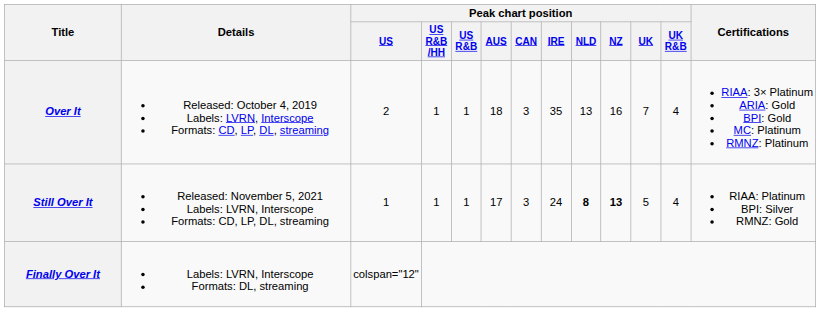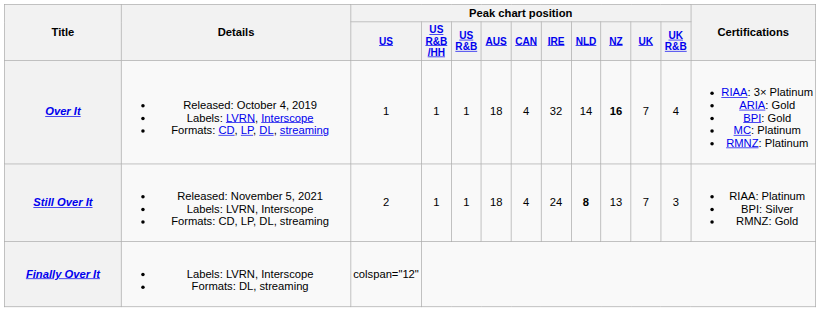 <table class="wikitable plainrowheaders" style="text-align:center;">
 <tr>
 <th scope="col" rowspan="2" style="width:10em;">Title</th>
 <th scope="col" rowspan="2" style="width:20em;">Details</th>
 <th scope="col" colspan="10">Peak chart position</th>
 <th scope="col" rowspan="2">Certifications</th>
 </tr>
 <tr>
 <th scope="col" style="width:2.5em;font-size:90%;"><a href='#'>US</a><br></th>
 <th scope="col" style="width:2.5em;font-size:90%;"><a href='#'>US<br>R&B<br>/HH</a><br></th>
 <th scope="col" style="width:2.5em;font-size:90%;"><a href='#'>US<br>R&B</a><br></th>
 <th scope="col" style="width:2.5em;font-size:90%;"><a href='#'>AUS</a><br></th>
 <th scope="col" style="width:2.5em;font-size:90%;"><a href='#'>CAN</a><br></th>
 <th scope="col" style="width:2.5em;font-size:90%;"><a href='#'>IRE</a><br></th>
 <th scope="col" style="width:2.5em;font-size:90%;"><a href='#'>NLD</a><br></th>
 <th scope="col" style="width:2.5em;font-size:90%;"><a href='#'>NZ</a><br></th>
 <th scope="col" style="width:2.5em;font-size:90%;"><a href='#'>UK</a><br></th>
 <th scope="col" style="width:2.5em;font-size:90%;"><a href='#'>UK<br>R&B</a><br></th>
 </tr>
 <tr>
 <th scope="row"><em><a href='#'>Over It</a></em></th>
 <td><br><ul><li>Released: October 4, 2019</li><li>Labels: <a href='#'>LVRN</a>, <a href='#'>Interscope</a></li><li>Formats: <a href='#'>CD</a>, <a href='#'>LP</a>, <a href='#'>DL</a>, <a href='#'>streaming</a></li></ul></td>
-<td>2</td>
+<td>1</td>
 <td>1</td>
 <td>1</td>
 <td>18</td>
-<td>3</td>
-<td>35</td>
-<td>13</td>
-<td>16</td>
+<td>4</td>
+<td>32</td>
+<td>14</td>
+<td><strong>16</strong></td>
 <td>7</td>
 <td>4</td>
 <td><br><ul><li><a href='#'>RIAA</a>: 3× Platinum</li><li><a href='#'>ARIA</a>: Gold</li><li><a href='#'>BPI</a>: Gold</li><li><a href='#'>MC</a>: Platinum</li><li><a href='#'>RMNZ</a>: Platinum</li></ul></td>
 </tr>
 <tr>
 <th scope="row"><em><a href='#'>Still Over It</a></em></th>
 <td><br><ul><li>Released: November 5, 2021</li><li>Labels: LVRN, Interscope</li><li>Formats: CD, LP, DL, streaming</li></ul></td>
+<td>2</td>
 <td>1</td>
 <td>1</td>
-<td>1</td>
-<td>17</td>
-<td>3</td>
+<td>18</td>
+<td>4</td>
 <td>24</td>
 <td><strong>8</strong></td>
-<td><strong>13</strong></td>
-<td>5</td>
-<td>4</td>
+<td>13</td>
+<td>7</td>
+<td>3</td>
 <td><br><ul><li>RIAA: Platinum</li><li>BPI: Silver</li><li>RMNZ: Gold</li></ul></td>
 </tr>
 <tr>
 <th scope="row"><em><a href='#'>Finally Over It</a></em></th>
 <td><br><ul><li>Labels: LVRN, Interscope</li><li>Formats: DL, streaming</li></ul></td>
 <td>colspan="12" </td>
 </tr>
 </table>
